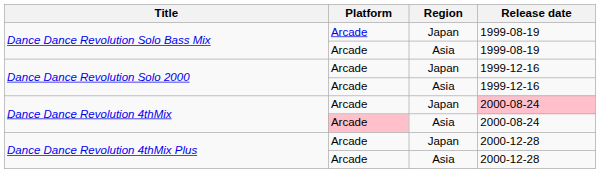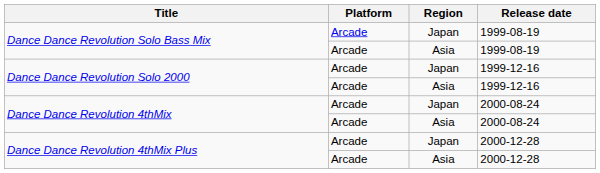 <table class="wikitable sortable" width="65%">
 <tr>
 <th>Title</th>
 <th>Platform</th>
 <th>Region</th>
 <th>Release date</th>
 </tr>
 <tr>
 <td rowspan="2"><em><a href='#'>Dance Dance Revolution Solo Bass Mix</a></em></td>
 <td><a href='#'>Arcade</a></td>
 <td align="center"><span>Japan</span></td>
 <td>1999-08-19</td>
 </tr>
 <tr>
 <td>Arcade</td>
 <td align="center"><span>Asia</span></td>
 <td>1999-08-19</td>
 </tr>
 <tr>
 <td rowspan="2"><em><a href='#'>Dance Dance Revolution Solo 2000</a></em></td>
 <td>Arcade</td>
 <td align="center"><span>Japan</span></td>
 <td>1999-12-16</td>
 </tr>
 <tr>
 <td>Arcade</td>
 <td align="center"><span>Asia</span></td>
 <td>1999-12-16</td>
 </tr>
 <tr>
 <td rowspan="2"><em><a href='#'>Dance Dance Revolution 4thMix</a></em></td>
 <td>Arcade</td>
 <td align="center"><span>Japan</span></td>
-<td style="background: pink;">2000-08-24</td>
+<td>2000-08-24</td>
 </tr>
 <tr>
-<td style="background: pink;">Arcade</td>
+<td>Arcade</td>
 <td align="center"><span>Asia</span></td>
 <td>2000-08-24</td>
 </tr>
 <tr>
 <td rowspan="2"><em><a href='#'>Dance Dance Revolution 4thMix Plus</a></em></td>
 <td>Arcade</td>
 <td align="center"><span>Japan</span></td>
 <td>2000-12-28</td>
 </tr>
 <tr>
 <td>Arcade</td>
 <td align="center"><span>Asia</span></td>
 <td>2000-12-28</td>
 </tr>
 </table>
